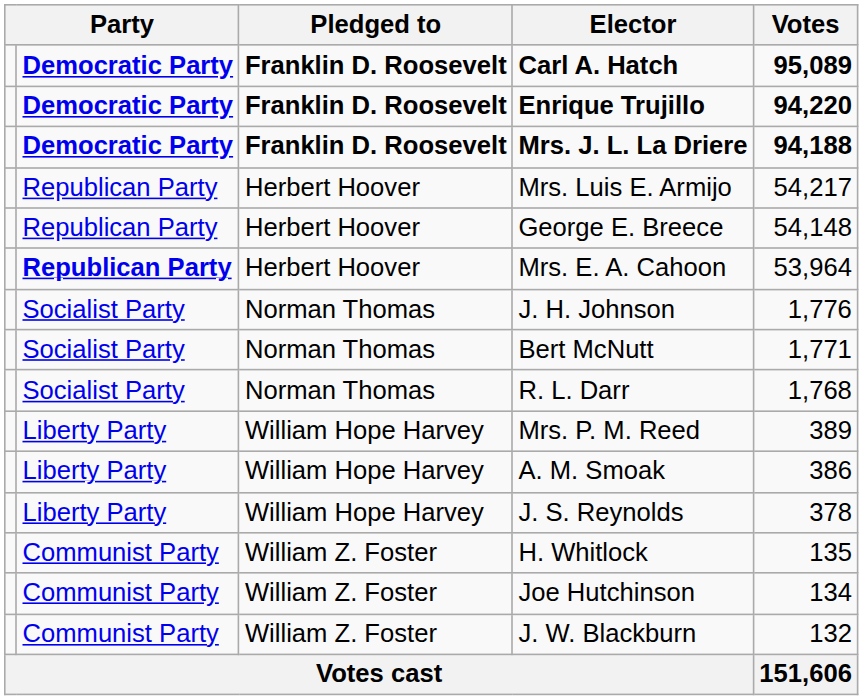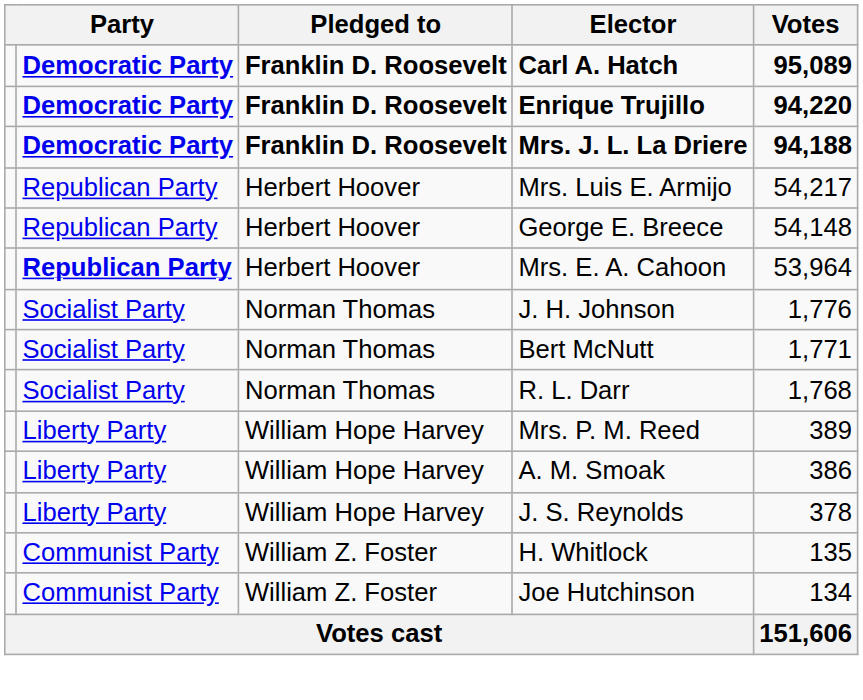 <table class="wikitable">
 <tr>
 <th colspan=2>Party</th>
 <th>Pledged to</th>
 <th>Elector</th>
 <th>Votes</th>
 </tr>
 <tr style="font-weight:bold">
 <td bgcolor=></td>
 <td><a href='#'>Democratic Party</a></td>
 <td>Franklin D. Roosevelt</td>
 <td>Carl A. Hatch</td>
 <td align=right>95,089</td>
 </tr>
 <tr style="font-weight:bold">
 <td bgcolor=></td>
 <td><a href='#'>Democratic Party</a></td>
 <td>Franklin D. Roosevelt</td>
 <td>Enrique Trujillo</td>
 <td align=right>94,220</td>
 </tr>
 <tr style="font-weight:bold">
 <td bgcolor=></td>
 <td><a href='#'>Democratic Party</a></td>
 <td>Franklin D. Roosevelt</td>
 <td>Mrs. J. L. La Driere</td>
 <td align=right>94,188</td>
 </tr>
 <tr>
 <td></td>
 <td><a href='#'>Republican Party</a></td>
 <td>Herbert Hoover</td>
 <td>Mrs. Luis E. Armijo</td>
 <td align="right">54,217</td>
 </tr>
 <tr>
 <td></td>
 <td><a href='#'>Republican Party</a></td>
 <td>Herbert Hoover</td>
 <td>George E. Breece</td>
 <td align="right">54,148</td>
 </tr>
 <tr>
 <td></td>
 <td><strong><a href='#'>Republican Party</a></strong></td>
 <td>Herbert Hoover</td>
 <td>Mrs. E. A. Cahoon</td>
 <td align="right">53,964</td>
 </tr>
 <tr>
 <td bgcolor=></td>
 <td><a href='#'>Socialist Party</a></td>
 <td>Norman Thomas</td>
 <td>J. H. Johnson</td>
 <td align="right">1,776</td>
 </tr>
 <tr>
 <td bgcolor=></td>
 <td><a href='#'>Socialist Party</a></td>
 <td>Norman Thomas</td>
 <td>Bert McNutt</td>
 <td align="right">1,771</td>
 </tr>
 <tr>
 <td bgcolor=></td>
 <td><a href='#'>Socialist Party</a></td>
 <td>Norman Thomas</td>
 <td>R. L. Darr</td>
 <td align="right">1,768</td>
 </tr>
 <tr>
 <td bgcolor=></td>
 <td><a href='#'>Liberty Party</a></td>
 <td>William Hope Harvey</td>
 <td>Mrs. P. M. Reed</td>
 <td align="right">389</td>
 </tr>
 <tr>
 <td bgcolor=></td>
 <td><a href='#'>Liberty Party</a></td>
 <td>William Hope Harvey</td>
 <td>A. M. Smoak</td>
 <td align="right">386</td>
 </tr>
 <tr>
 <td bgcolor=></td>
 <td><a href='#'>Liberty Party</a></td>
 <td>William Hope Harvey</td>
 <td>J. S. Reynolds</td>
 <td align="right">378</td>
 </tr>
 <tr>
 <td bgcolor=></td>
 <td><a href='#'>Communist Party</a></td>
 <td>William Z. Foster</td>
 <td>H. Whitlock</td>
 <td align="right">135</td>
 </tr>
 <tr>
 <td bgcolor=></td>
 <td><a href='#'>Communist Party</a></td>
 <td>William Z. Foster</td>
 <td>Joe Hutchinson</td>
 <td align="right">134</td>
 </tr>
 <tr>
-<td bgcolor=></td>
-<td><a href='#'>Communist Party</a></td>
-<td>William Z. Foster</td>
-<td>J. W. Blackburn</td>
-<td align="right">132</td>
-</tr>
-<tr>
 <th colspan="4">Votes cast</th>
 <th>151,606</th>
 </tr>
 </table>
